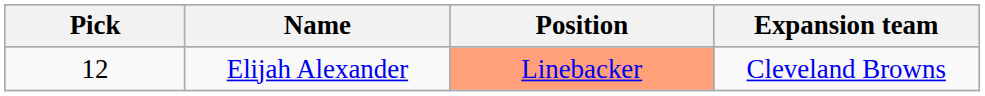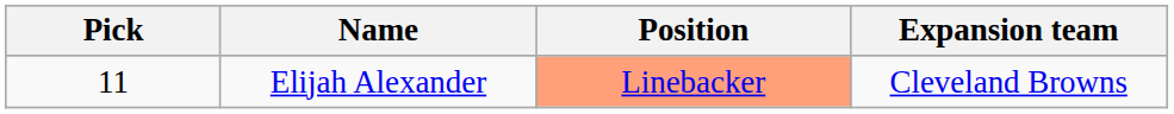 <table class="wikitable" style="text-align:center">
 <tr>
 <th width=100px>Pick</th>
 <th width=150px>Name</th>
 <th width=150px>Position</th>
 <th width=150px>Expansion team</th>
 </tr>
 <tr>
-<td>12</td>
+<td>11</td>
 <td><a href='#'>Elijah Alexander</a></td>
 <td style="background: lightsalmon;"><a href='#'>Linebacker</a></td>
 <td><a href='#'>Cleveland Browns</a></td>
 </tr>
 </table>
